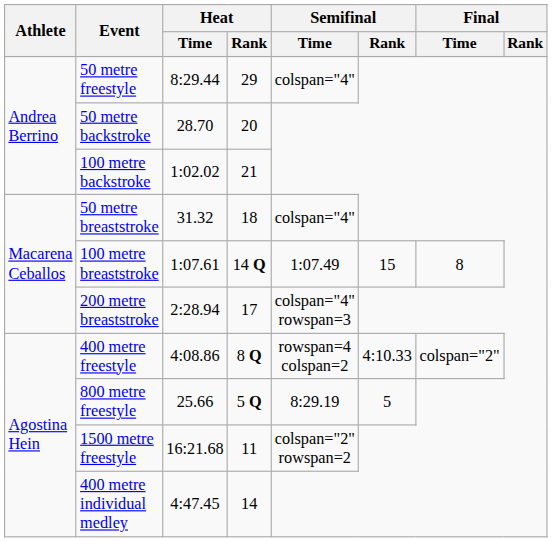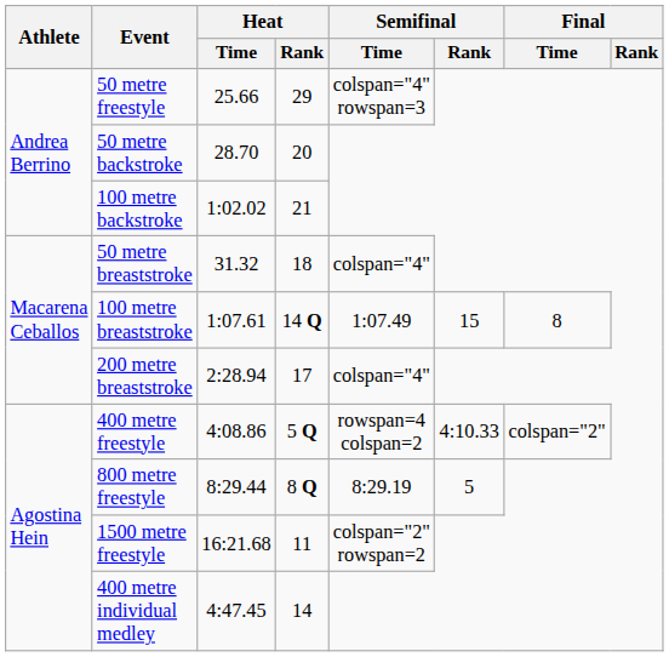 <table class="wikitable" style="text-align:center; font-size:90%; width:50%;">
 <tr>
 <th rowspan="2">Athlete</th>
 <th rowspan="2">Event</th>
 <th colspan="2">Heat</th>
 <th colspan="2">Semifinal</th>
 <th colspan="2">Final</th>
 </tr>
 <tr style="font-size:95%">
 <th>Time</th>
 <th>Rank</th>
 <th>Time</th>
 <th>Rank</th>
 <th>Time</th>
 <th>Rank</th>
 </tr>
 <tr>
 <td align=left rowspan=3><a href='#'>Andrea Berrino</a></td>
 <td align=left><a href='#'>50 metre freestyle</a></td>
-<td>8:29.44</td>
+<td>25.66</td>
 <td>29</td>
-<td>colspan="4"  </td>
+<td>colspan="4" rowspan=3 </td>
 </tr>
 <tr>
 <td align=left><a href='#'>50 metre backstroke</a></td>
 <td>28.70</td>
 <td>20</td>
 </tr>
 <tr>
 <td align=left><a href='#'>100 metre backstroke</a></td>
 <td>1:02.02</td>
 <td>21</td>
 </tr>
 <tr>
 <td align=left rowspan=3><a href='#'>Macarena Ceballos</a></td>
 <td align=left><a href='#'>50 metre breaststroke</a></td>
 <td>31.32</td>
 <td>18</td>
 <td>colspan="4"  </td>
 </tr>
 <tr>
 <td align=left><a href='#'>100 metre breaststroke</a></td>
 <td>1:07.61</td>
 <td>14 <strong>Q</strong></td>
 <td>1:07.49</td>
 <td>15</td>
 <td>8</td>
 </tr>
 <tr>
 <td align=left><a href='#'>200 metre breaststroke</a></td>
 <td>2:28.94</td>
 <td>17</td>
-<td>colspan="4" rowspan=3 </td>
+<td>colspan="4"  </td>
 </tr>
 <tr>
 <td align=left rowspan=4><a href='#'>Agostina Hein</a></td>
 <td align=left><a href='#'>400 metre freestyle</a></td>
 <td>4:08.86</td>
-<td>8 <strong>Q</strong></td>
+<td>5 <strong>Q</strong></td>
 <td>rowspan=4 colspan=2 </td>
 <td>4:10.33</td>
 <td>colspan="2"  </td>
 </tr>
 <tr>
 <td align=left><a href='#'>800 metre freestyle</a></td>
-<td>25.66</td>
-<td>5 <strong>Q</strong></td>
+<td>8:29.44</td>
+<td>8 <strong>Q</strong></td>
 <td>8:29.19</td>
 <td>5</td>
 </tr>
 <tr>
 <td align=left><a href='#'>1500 metre freestyle</a></td>
 <td>16:21.68</td>
 <td>11</td>
 <td>colspan="2" rowspan=2 </td>
 </tr>
 <tr>
 <td align=left><a href='#'>400 metre individual medley</a></td>
 <td>4:47.45</td>
 <td>14</td>
 </tr>
 </table>
